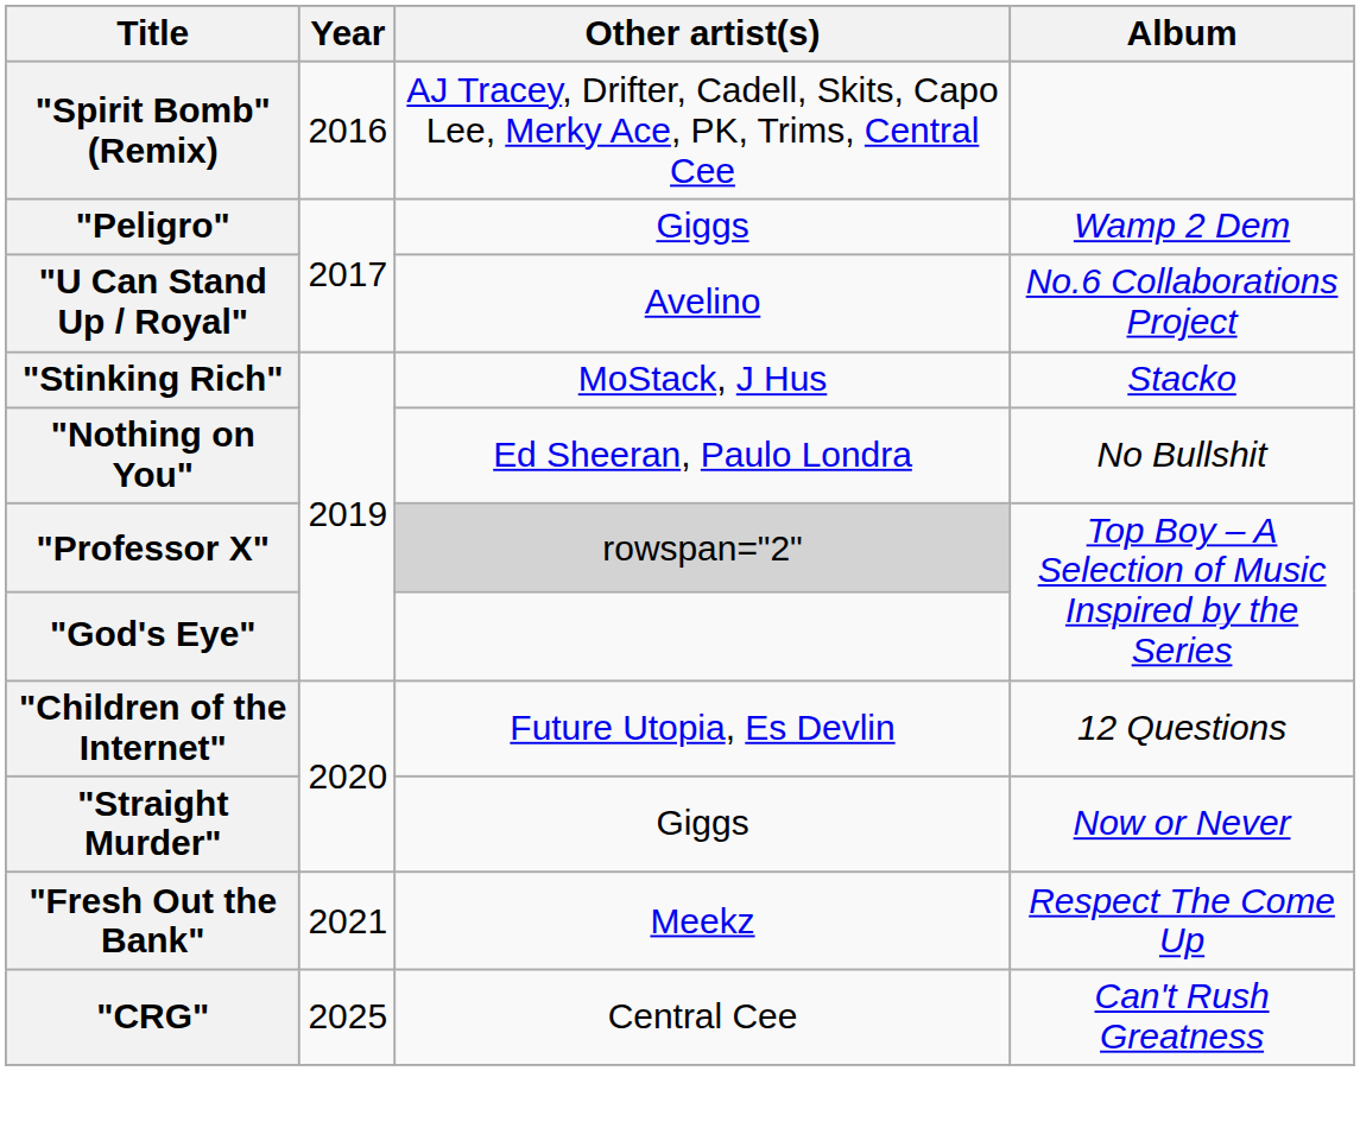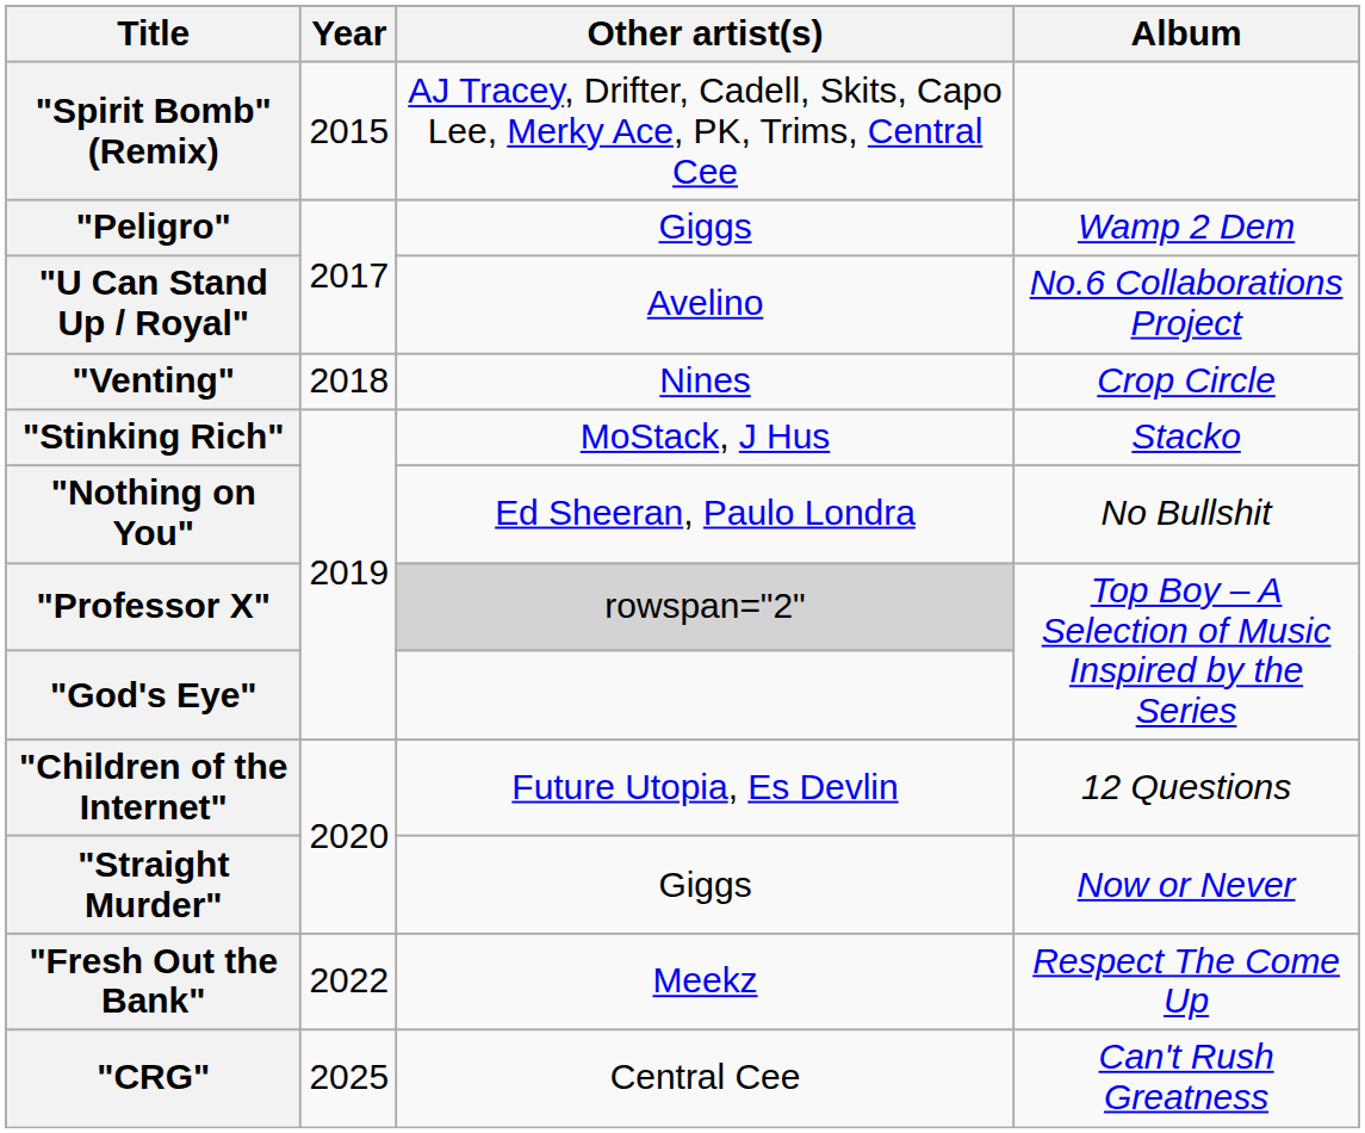 <table class="wikitable plainrowheaders" style="text-align:center;">
 <tr>
 <th scope="col">Title</th>
 <th scope="col">Year</th>
 <th scope="col">Other artist(s)</th>
 <th scope="col">Album</th>
 </tr>
 <tr>
 <th scope="row">"Spirit Bomb" (Remix)</th>
-<td>2016</td>
+<td>2015</td>
 <td><a href='#'>AJ Tracey</a>, Drifter, Cadell, Skits, Capo Lee, <a href='#'>Merky Ace</a>, PK, Trims, <a href='#'>Central Cee</a></td>
 <td></td>
 </tr>
 <tr>
 <th scope="row">"Peligro"</th>
 <td rowspan="2">2017</td>
 <td><a href='#'>Giggs</a></td>
 <td><em><a href='#'>Wamp 2 Dem</a></em></td>
 </tr>
 <tr>
 <th scope="row">"U Can Stand Up / Royal"</th>
 <td><a href='#'>Avelino</a></td>
 <td><em><a href='#'>No.6 Collaborations Project</a></em></td>
+</tr>
+<tr>
+<th scope="row">"Venting"</th>
+<td>2018</td>
+<td><a href='#'>Nines</a></td>
+<td><em><a href='#'>Crop Circle</a></em></td>
 </tr>
 <tr>
 <th scope="row">"Stinking Rich"</th>
 <td rowspan="4">2019</td>
 <td><a href='#'>MoStack</a>, <a href='#'>J Hus</a></td>
 <td><em><a href='#'>Stacko</a></em></td>
 </tr>
 <tr>
 <th scope="row">"Nothing on You"</th>
 <td><a href='#'>Ed Sheeran</a>, <a href='#'>Paulo Londra</a></td>
 <td><em>No Bullshit</em></td>
 </tr>
 <tr>
 <th scope="row">"Professor X"</th>
 <td style="background: lightgrey;">rowspan="2" </td>
 <td rowspan="2"><em><a href='#'>Top Boy – A Selection of Music<br>Inspired by the Series</a></em></td>
 </tr>
 <tr>
 <th scope="row">"God's Eye"</th>
 </tr>
 <tr>
 <th scope="row">"Children of the Internet"</th>
 <td rowspan="2">2020</td>
 <td><a href='#'>Future Utopia</a>, <a href='#'>Es Devlin</a></td>
 <td><em>12 Questions</em></td>
 </tr>
 <tr>
 <th scope="row">"Straight Murder"</th>
 <td>Giggs</td>
 <td><em><a href='#'>Now or Never</a></em></td>
 </tr>
 <tr>
 <th scope="row">"Fresh Out the Bank"</th>
-<td>2021</td>
+<td>2022</td>
 <td><a href='#'>Meekz</a></td>
 <td><em><a href='#'>Respect The Come Up</a></em></td>
 </tr>
 <tr>
 <th scope="row">"CRG"</th>
 <td>2025</td>
 <td>Central Cee</td>
 <td><em><a href='#'>Can't Rush Greatness</a></em></td>
 </tr>
 </table>
